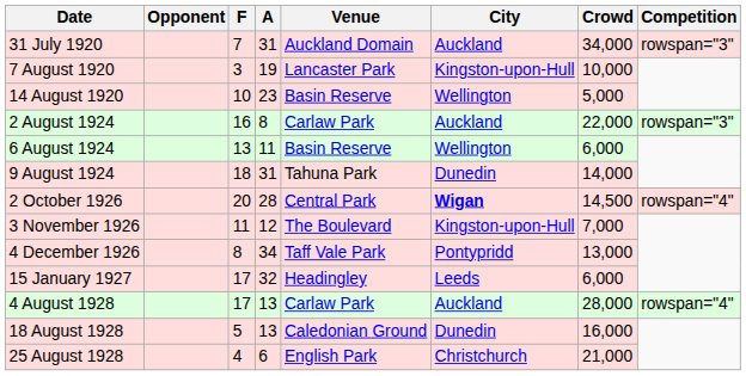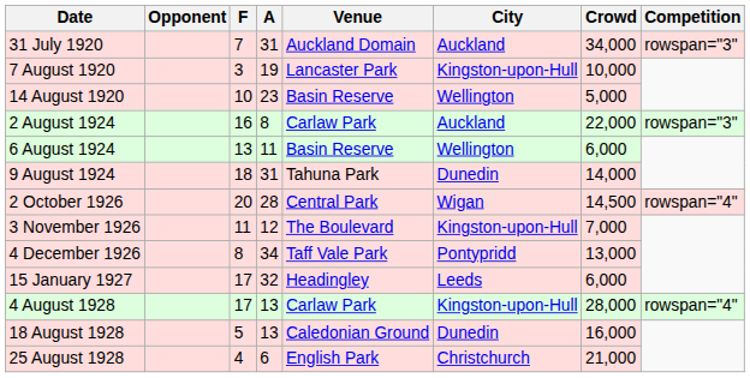 <table class="wikitable sortable">
 <tr>
 <th>Date</th>
 <th>Opponent</th>
 <th>F</th>
 <th>A</th>
 <th>Venue</th>
 <th>City</th>
 <th>Crowd</th>
 <th>Competition</th>
 </tr>
 <tr style="background:#ffdddd;">
 <td>31 July 1920</td>
 <td></td>
 <td>7</td>
 <td>31</td>
 <td><a href='#'>Auckland Domain</a></td>
 <td><a href='#'>Auckland</a></td>
 <td>34,000</td>
 <td>rowspan="3"</td>
 </tr>
 <tr style="background:#ffdddd;">
 <td>7 August 1920</td>
 <td></td>
 <td>3</td>
 <td>19</td>
 <td><a href='#'>Lancaster Park</a></td>
 <td><a href='#'>Kingston-upon-Hull</a></td>
 <td>10,000</td>
 </tr>
 <tr style="background:#ffdddd;">
 <td>14 August 1920</td>
 <td></td>
 <td>10</td>
 <td>23</td>
 <td><a href='#'>Basin Reserve</a></td>
 <td><a href='#'>Wellington</a></td>
 <td>5,000</td>
 </tr>
 <tr style="background:#ddffdd;">
 <td>2 August 1924</td>
 <td></td>
 <td>16</td>
 <td>8</td>
 <td><a href='#'>Carlaw Park</a></td>
 <td><a href='#'>Auckland</a></td>
 <td>22,000</td>
 <td>rowspan="3"</td>
 </tr>
 <tr style="background:#ddffdd;">
 <td>6 August 1924</td>
 <td></td>
 <td>13</td>
 <td>11</td>
 <td><a href='#'>Basin Reserve</a></td>
 <td><a href='#'>Wellington</a></td>
 <td>6,000</td>
 </tr>
 <tr style="background:#ffdddd;">
 <td>9 August 1924</td>
 <td></td>
 <td>18</td>
 <td>31</td>
 <td>Tahuna Park</td>
 <td><a href='#'>Dunedin</a></td>
 <td>14,000</td>
 </tr>
 <tr style="background:#ffdddd;">
 <td>2 October 1926</td>
 <td></td>
 <td>20</td>
 <td>28</td>
 <td><a href='#'>Central Park</a></td>
-<td><strong><a href='#'>Wigan</a></strong></td>
+<td><a href='#'>Wigan</a></td>
 <td>14,500</td>
 <td>rowspan="4"</td>
 </tr>
 <tr style="background:#ffdddd;">
 <td>3 November 1926</td>
 <td></td>
 <td>11</td>
 <td>12</td>
 <td><a href='#'>The Boulevard</a></td>
 <td><a href='#'>Kingston-upon-Hull</a></td>
 <td>7,000</td>
 </tr>
 <tr style="background:#ffdddd;">
 <td>4 December 1926</td>
 <td></td>
 <td>8</td>
 <td>34</td>
 <td><a href='#'>Taff Vale Park</a></td>
 <td><a href='#'>Pontypridd</a></td>
 <td>13,000</td>
 </tr>
 <tr style="background:#ffdddd;">
 <td>15 January 1927</td>
 <td></td>
 <td>17</td>
 <td>32</td>
 <td><a href='#'>Headingley</a></td>
 <td><a href='#'>Leeds</a></td>
 <td>6,000</td>
 </tr>
 <tr style="background:#ddffdd;">
 <td>4 August 1928</td>
 <td></td>
 <td>17</td>
 <td>13</td>
 <td><a href='#'>Carlaw Park</a></td>
-<td><a href='#'>Auckland</a></td>
+<td><a href='#'>Kingston-upon-Hull</a></td>
 <td>28,000</td>
 <td>rowspan="4"</td>
 </tr>
 <tr style="background:#ffdddd;">
 <td>18 August 1928</td>
 <td></td>
 <td>5</td>
 <td>13</td>
 <td><a href='#'>Caledonian Ground</a></td>
 <td><a href='#'>Dunedin</a></td>
 <td>16,000</td>
 </tr>
 <tr style="background:#ffdddd;">
 <td>25 August 1928</td>
 <td></td>
 <td>4</td>
 <td>6</td>
 <td><a href='#'>English Park</a></td>
 <td><a href='#'>Christchurch</a></td>
 <td>21,000</td>
 </tr>
 </table>
